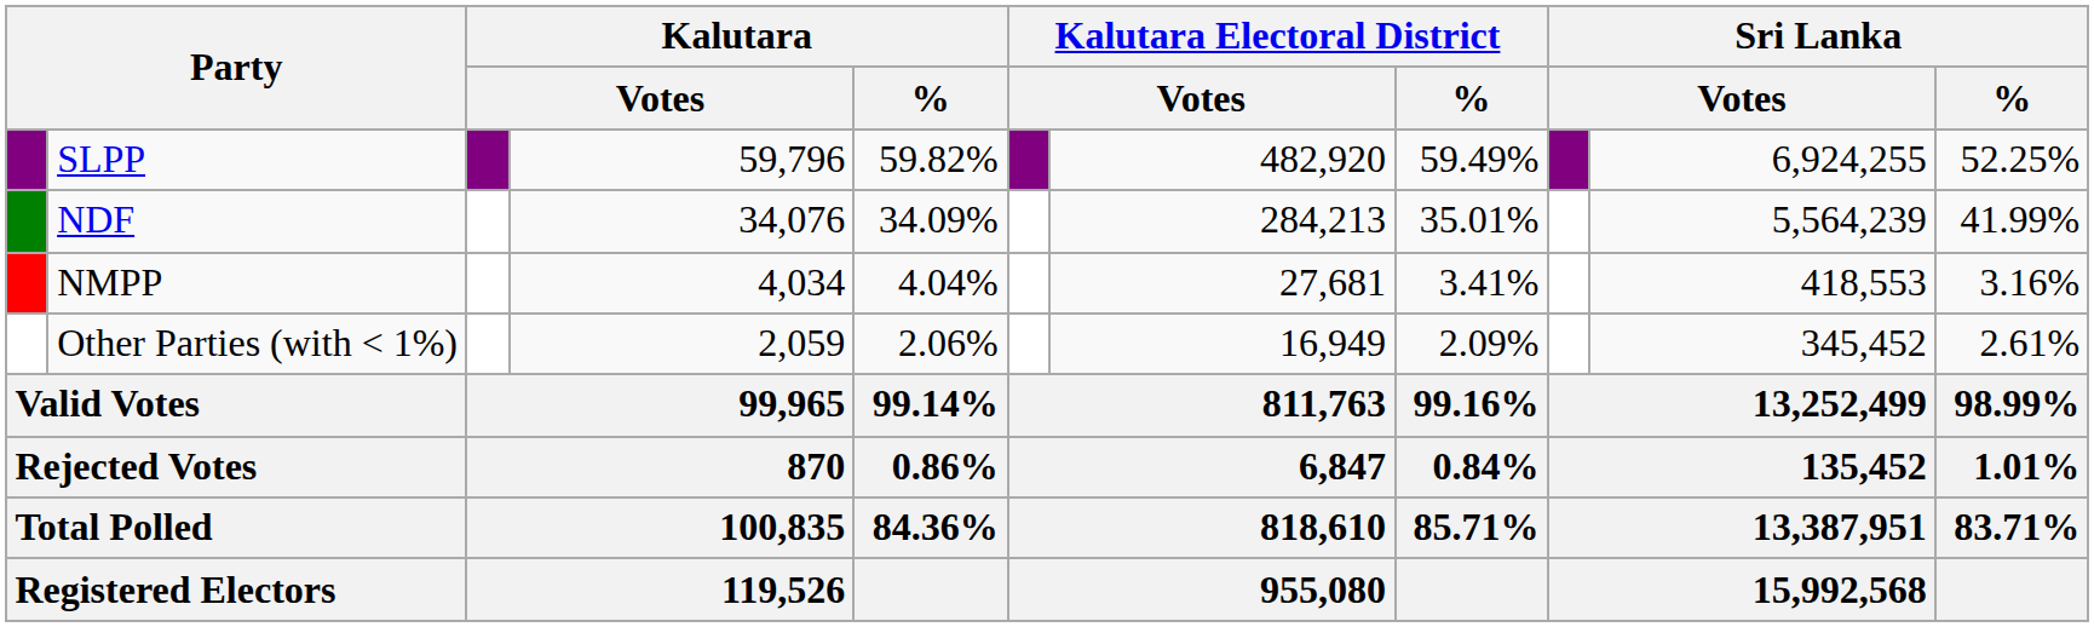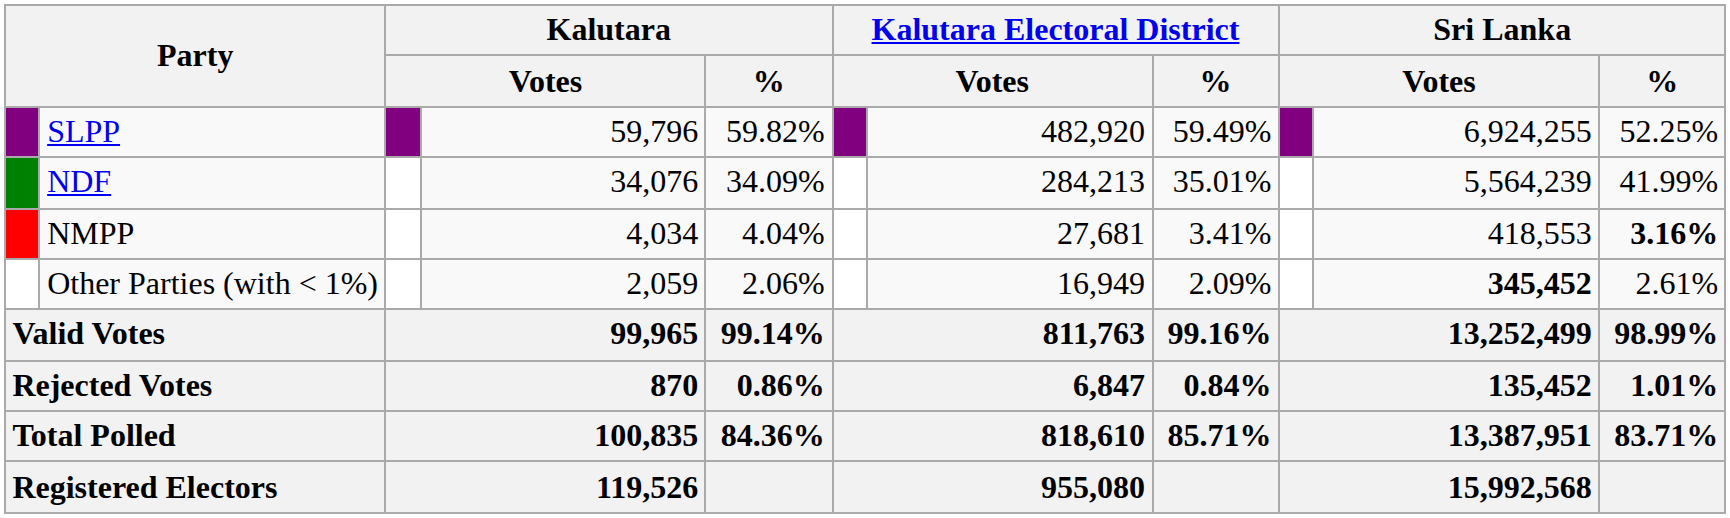 <table class="wikitable">
 <tr>
 <th colspan="2" width="144px"rowspan="2">Party</th>
 <th colspan="3" width="216px">Kalutara</th>
 <th colspan="3" width="216px"><a href='#'>Kalutara Electoral District</a></th>
 <th colspan="3" width="216px">Sri Lanka</th>
 </tr>
 <tr>
 <th colspan="2" width="144px">Votes</th>
 <th>%</th>
 <th colspan="2" width="144px">Votes</th>
 <th>%</th>
 <th colspan="2" width="144px">Votes</th>
 <th>%</th>
 </tr>
 <tr>
 <td style="background-color:purple;" width="10px"></td>
 <td style="text-align:left;"><a href='#'>SLPP</a></td>
 <td style="background-color:purple;" width="10px"></td>
 <td style="text-align:right;">59,796</td>
 <td style="text-align:right;">59.82%</td>
 <td style="background-color:purple;" width="10px"></td>
 <td style="text-align:right;">482,920</td>
 <td style="text-align:right;">59.49%</td>
 <td style="background-color:purple;" width="10px"></td>
 <td style="text-align:right;">6,924,255</td>
 <td style="text-align:right;">52.25%</td>
 </tr>
 <tr>
 <td style="background-color:green;" width="10px"></td>
 <td style="text-align:left;"><a href='#'>NDF</a></td>
 <td style="background-color:white;" width="10px"></td>
 <td style="text-align:right;">34,076</td>
 <td style="text-align:right;">34.09%</td>
 <td style="background-color:white;" width="10px"></td>
 <td style="text-align:right;">284,213</td>
 <td style="text-align:right;">35.01%</td>
 <td style="background-color:white;" width="10px"></td>
 <td style="text-align:right;">5,564,239</td>
 <td style="text-align:right;">41.99%</td>
 </tr>
 <tr>
 <td style="background-color:red;" width="10px"></td>
 <td style="text-align:left;">NMPP</td>
 <td style="background-color:white;" width="10px"></td>
 <td style="text-align:right;">4,034</td>
 <td style="text-align:right;">4.04%</td>
 <td style="background-color:white;" width="10px"></td>
 <td style="text-align:right;">27,681</td>
 <td style="text-align:right;">3.41%</td>
 <td style="background-color:white;" width="10px"></td>
 <td style="text-align:right;">418,553</td>
-<td style="text-align:right;">3.16%</td>
+<td style="text-align:right;"><strong>3.16%</strong></td>
 </tr>
 <tr>
 <td style="background-color:white;" width="10px"></td>
 <td style="text-align:left;">Other Parties (with < 1%)</td>
 <td style="background-color:white;" width="10px"></td>
 <td style="text-align:right;">2,059</td>
 <td style="text-align:right;">2.06%</td>
 <td style="background-color:white;" width="10px"></td>
 <td style="text-align:right;">16,949</td>
 <td style="text-align:right;">2.09%</td>
 <td style="background-color:white;" width="10px"></td>
-<td style="text-align:right;">345,452</td>
+<td style="text-align:right;"><strong>345,452</strong></td>
 <td style="text-align:right;">2.61%</td>
 </tr>
 <tr>
 <th colspan="2" width="144px"style="text-align:left;">Valid Votes</th>
 <th style="text-align:right;"colspan="2" width="144px">99,965</th>
 <th style="text-align:right;">99.14%</th>
 <th style="text-align:right;"colspan="2" width="144px">811,763</th>
 <th style="text-align:right;">99.16%</th>
 <th style="text-align:right;"colspan="2" width="144px">13,252,499</th>
 <th style="text-align:right;">98.99%</th>
 </tr>
 <tr>
 <th colspan="2" width="144px"style="text-align:left;">Rejected Votes</th>
 <th style="text-align:right;"colspan="2" width="144px">870</th>
 <th style="text-align:right;">0.86%</th>
 <th style="text-align:right;"colspan="2" width="144px">6,847</th>
 <th style="text-align:right;">0.84%</th>
 <th style="text-align:right;"colspan="2" width="144px">135,452</th>
 <th style="text-align:right;">1.01%</th>
 </tr>
 <tr>
 <th colspan="2" width="144px"style="text-align:left;">Total Polled</th>
 <th style="text-align:right;"colspan="2" width="144px">100,835</th>
 <th style="text-align:right;">84.36%</th>
 <th style="text-align:right;"colspan="2" width="144px">818,610</th>
 <th style="text-align:right;">85.71%</th>
 <th style="text-align:right;"colspan="2" width="144px">13,387,951</th>
 <th style="text-align:right;">83.71%</th>
 </tr>
 <tr>
 <th colspan="2" width="144px"style="text-align:left;">Registered Electors</th>
 <th style="text-align:right;"colspan="2" width="144px">119,526</th>
 <th></th>
 <th style="text-align:right;"colspan="2" width="144px">955,080</th>
 <th></th>
 <th style="text-align:right;"colspan="2" width="144px">15,992,568</th>
 <th></th>
 </tr>
 </table>
